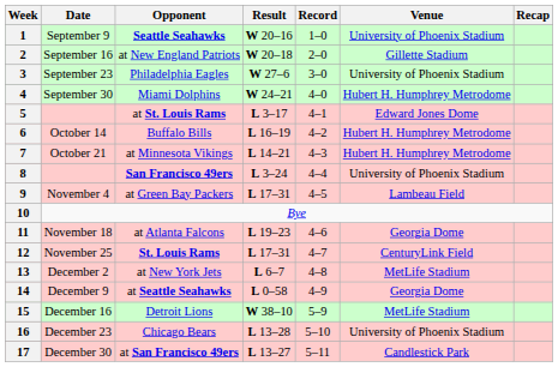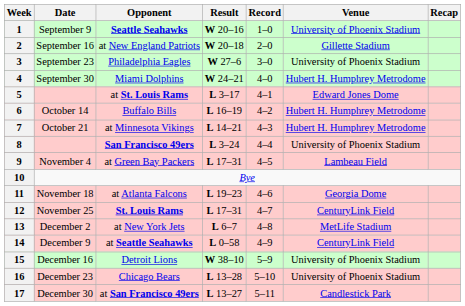 <table class="wikitable" style="text-align:center">
 <tr>
 <th>Week</th>
 <th>Date</th>
 <th>Opponent</th>
 <th>Result</th>
 <th>Record</th>
 <th>Venue</th>
 <th>Recap</th>
 </tr>
 <tr style="background:#cfc; text-align:center;">
 <th>1</th>
 <td>September 9</td>
 <td><strong><a href='#'>Seattle Seahawks</a></strong></td>
 <td><strong>W</strong> 20–16</td>
 <td>1–0</td>
 <td><a href='#'>University of Phoenix Stadium</a></td>
 <td></td>
 </tr>
 <tr style="background:#cfc; text-align:center;">
 <th>2</th>
 <td>September 16</td>
 <td>at <a href='#'>New England Patriots</a></td>
 <td><strong>W</strong> 20–18</td>
 <td>2–0</td>
 <td><a href='#'>Gillette Stadium</a></td>
 <td></td>
 </tr>
 <tr style="background:#cfc; text-align:center;">
 <th>3</th>
 <td>September 23</td>
 <td><a href='#'>Philadelphia Eagles</a></td>
 <td><strong>W</strong> 27–6</td>
 <td>3–0</td>
 <td>University of Phoenix Stadium</td>
 <td></td>
 </tr>
 <tr style="background:#cfc; text-align:center;">
 <th>4</th>
 <td>September 30</td>
 <td><a href='#'>Miami Dolphins</a></td>
 <td><strong>W</strong> 24–21 </td>
 <td>4–0</td>
 <td><a href='#'>Hubert H. Humphrey Metrodome</a></td>
 <td></td>
 </tr>
 <tr style="background:#fcc; text-align:center;">
 <th>5</th>
 <td></td>
 <td>at <strong><a href='#'>St. Louis Rams</a></strong></td>
 <td><strong>L</strong> 3–17</td>
 <td>4–1</td>
 <td><a href='#'>Edward Jones Dome</a></td>
 <td></td>
 </tr>
 <tr style="background:#fcc; text-align:center;">
 <th>6</th>
 <td>October 14</td>
 <td><a href='#'>Buffalo Bills</a></td>
 <td><strong>L</strong> 16–19 </td>
 <td>4–2</td>
 <td><a href='#'>Hubert H. Humphrey Metrodome</a></td>
 <td></td>
 </tr>
 <tr style="background:#fcc; text-align:center;">
 <th>7</th>
 <td>October 21</td>
 <td>at <a href='#'>Minnesota Vikings</a></td>
 <td><strong>L</strong> 14–21</td>
 <td>4–3</td>
 <td><a href='#'>Hubert H. Humphrey Metrodome</a></td>
 <td></td>
 </tr>
 <tr style="background:#fcc; text-align:center;">
 <th>8</th>
 <td></td>
 <td><strong><a href='#'>San Francisco 49ers</a></strong></td>
 <td><strong>L</strong> 3–24</td>
 <td>4–4</td>
 <td>University of Phoenix Stadium</td>
 <td></td>
 </tr>
 <tr style="background:#fcc; text-align:center;">
 <th>9</th>
 <td>November 4</td>
 <td>at <a href='#'>Green Bay Packers</a></td>
 <td><strong>L</strong> 17–31</td>
 <td>4–5</td>
 <td><a href='#'>Lambeau Field</a></td>
 <td></td>
 </tr>
 <tr>
 <th>10</th>
 <td colspan="6" style="text-align:center;"><em><a href='#'>Bye</a></em></td>
 </tr>
 <tr style="background:#fcc; text-align:center;">
 <th>11</th>
 <td>November 18</td>
 <td>at <a href='#'>Atlanta Falcons</a></td>
 <td><strong>L</strong> 19–23</td>
 <td>4–6</td>
 <td><a href='#'>Georgia Dome</a></td>
 <td></td>
 </tr>
 <tr style="background:#fcc; text-align:center;">
 <th>12</th>
 <td>November 25</td>
 <td><strong><a href='#'>St. Louis Rams</a></strong></td>
 <td><strong>L</strong> 17–31</td>
 <td>4–7</td>
 <td><a href='#'>CenturyLink Field</a></td>
 <td></td>
 </tr>
 <tr style="background:#fcc; text-align:center;">
 <th>13</th>
 <td>December 2</td>
 <td>at <a href='#'>New York Jets</a></td>
 <td><strong>L</strong> 6–7</td>
 <td>4–8</td>
 <td><a href='#'>MetLife Stadium</a></td>
 <td></td>
 </tr>
 <tr style="background:#fcc; text-align:center;">
 <th>14</th>
 <td>December 9</td>
 <td>at <strong><a href='#'>Seattle Seahawks</a></strong></td>
 <td><strong>L</strong> 0–58</td>
 <td>4–9</td>
-<td><a href='#'>Georgia Dome</a></td>
+<td><a href='#'>CenturyLink Field</a></td>
 <td></td>
 </tr>
 <tr style="background:#cfc; text-align:center;">
 <th>15</th>
 <td>December 16</td>
 <td><a href='#'>Detroit Lions</a></td>
 <td><strong>W</strong> 38–10</td>
 <td>5–9</td>
-<td><a href='#'>MetLife Stadium</a></td>
+<td>University of Phoenix Stadium</td>
 <td></td>
 </tr>
 <tr style="background:#fcc; text-align:center;">
 <th>16</th>
 <td>December 23</td>
 <td><a href='#'>Chicago Bears</a></td>
 <td><strong>L</strong> 13–28</td>
 <td>5–10</td>
 <td>University of Phoenix Stadium</td>
 <td></td>
 </tr>
 <tr style="background:#fcc; text-align:center;">
 <th>17</th>
 <td>December 30</td>
 <td>at <strong><a href='#'>San Francisco 49ers</a></strong></td>
 <td><strong>L</strong> 13–27</td>
 <td>5–11</td>
 <td><a href='#'>Candlestick Park</a></td>
 <td></td>
 </tr>
 </table>
